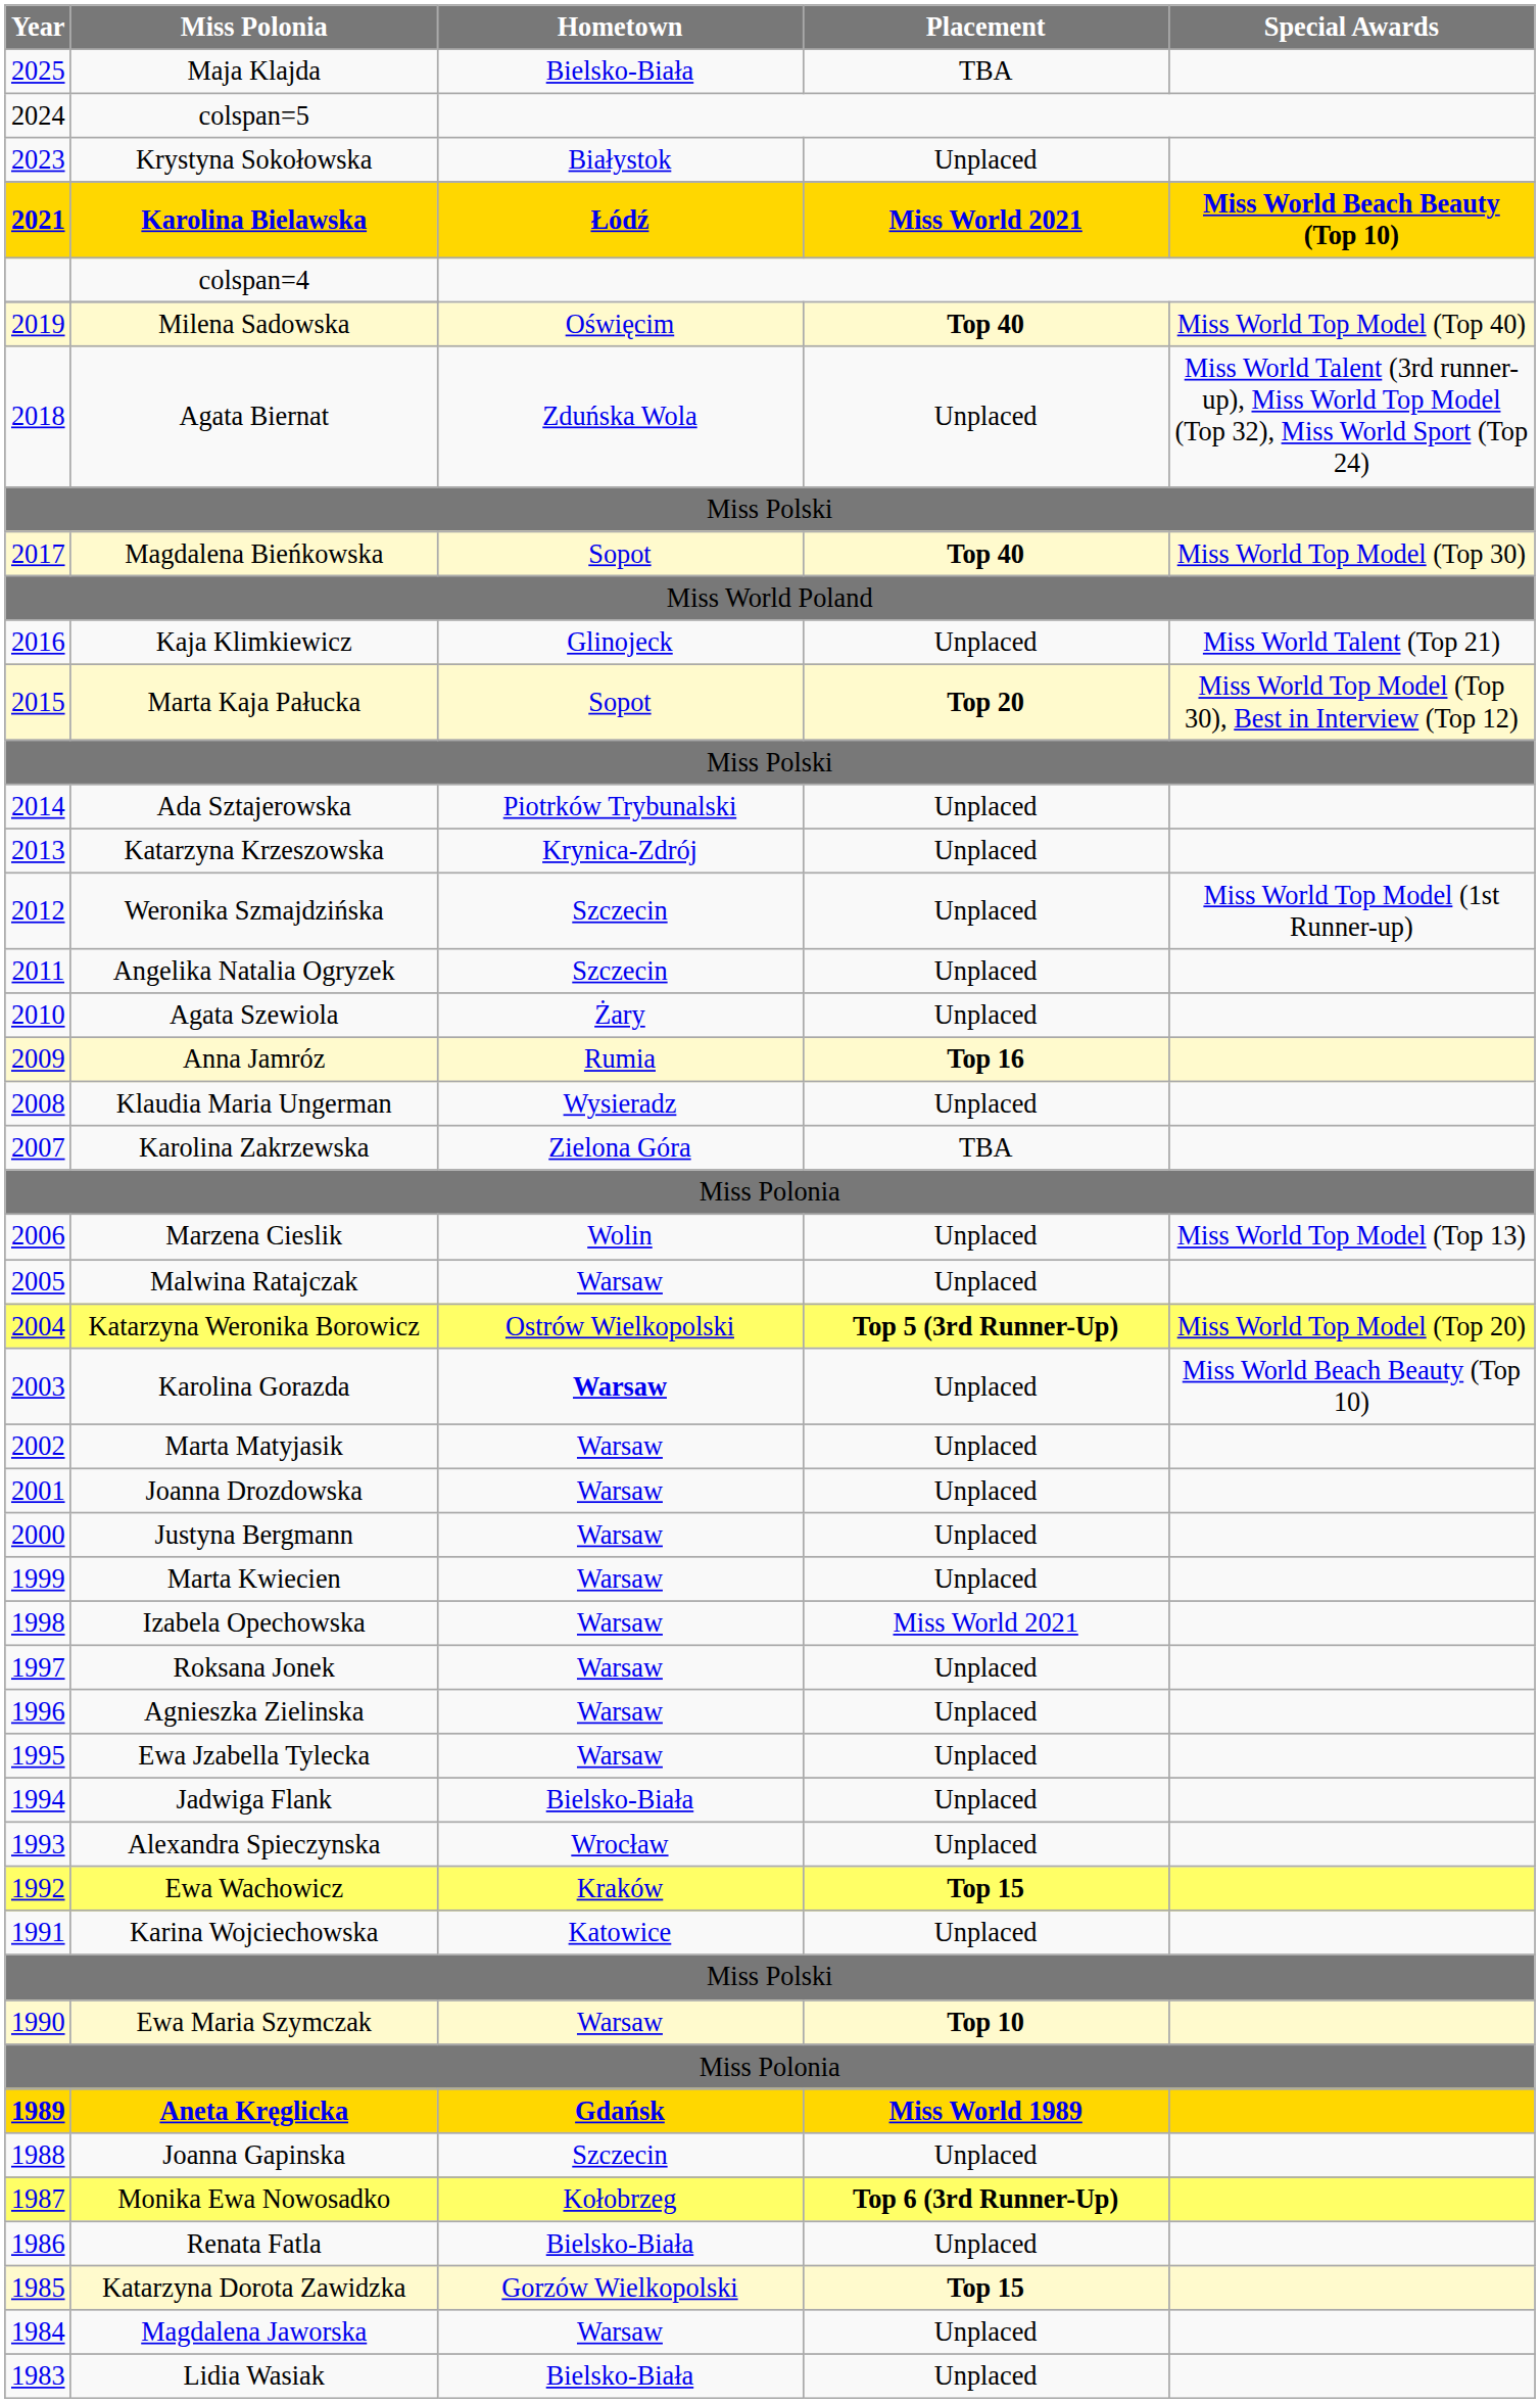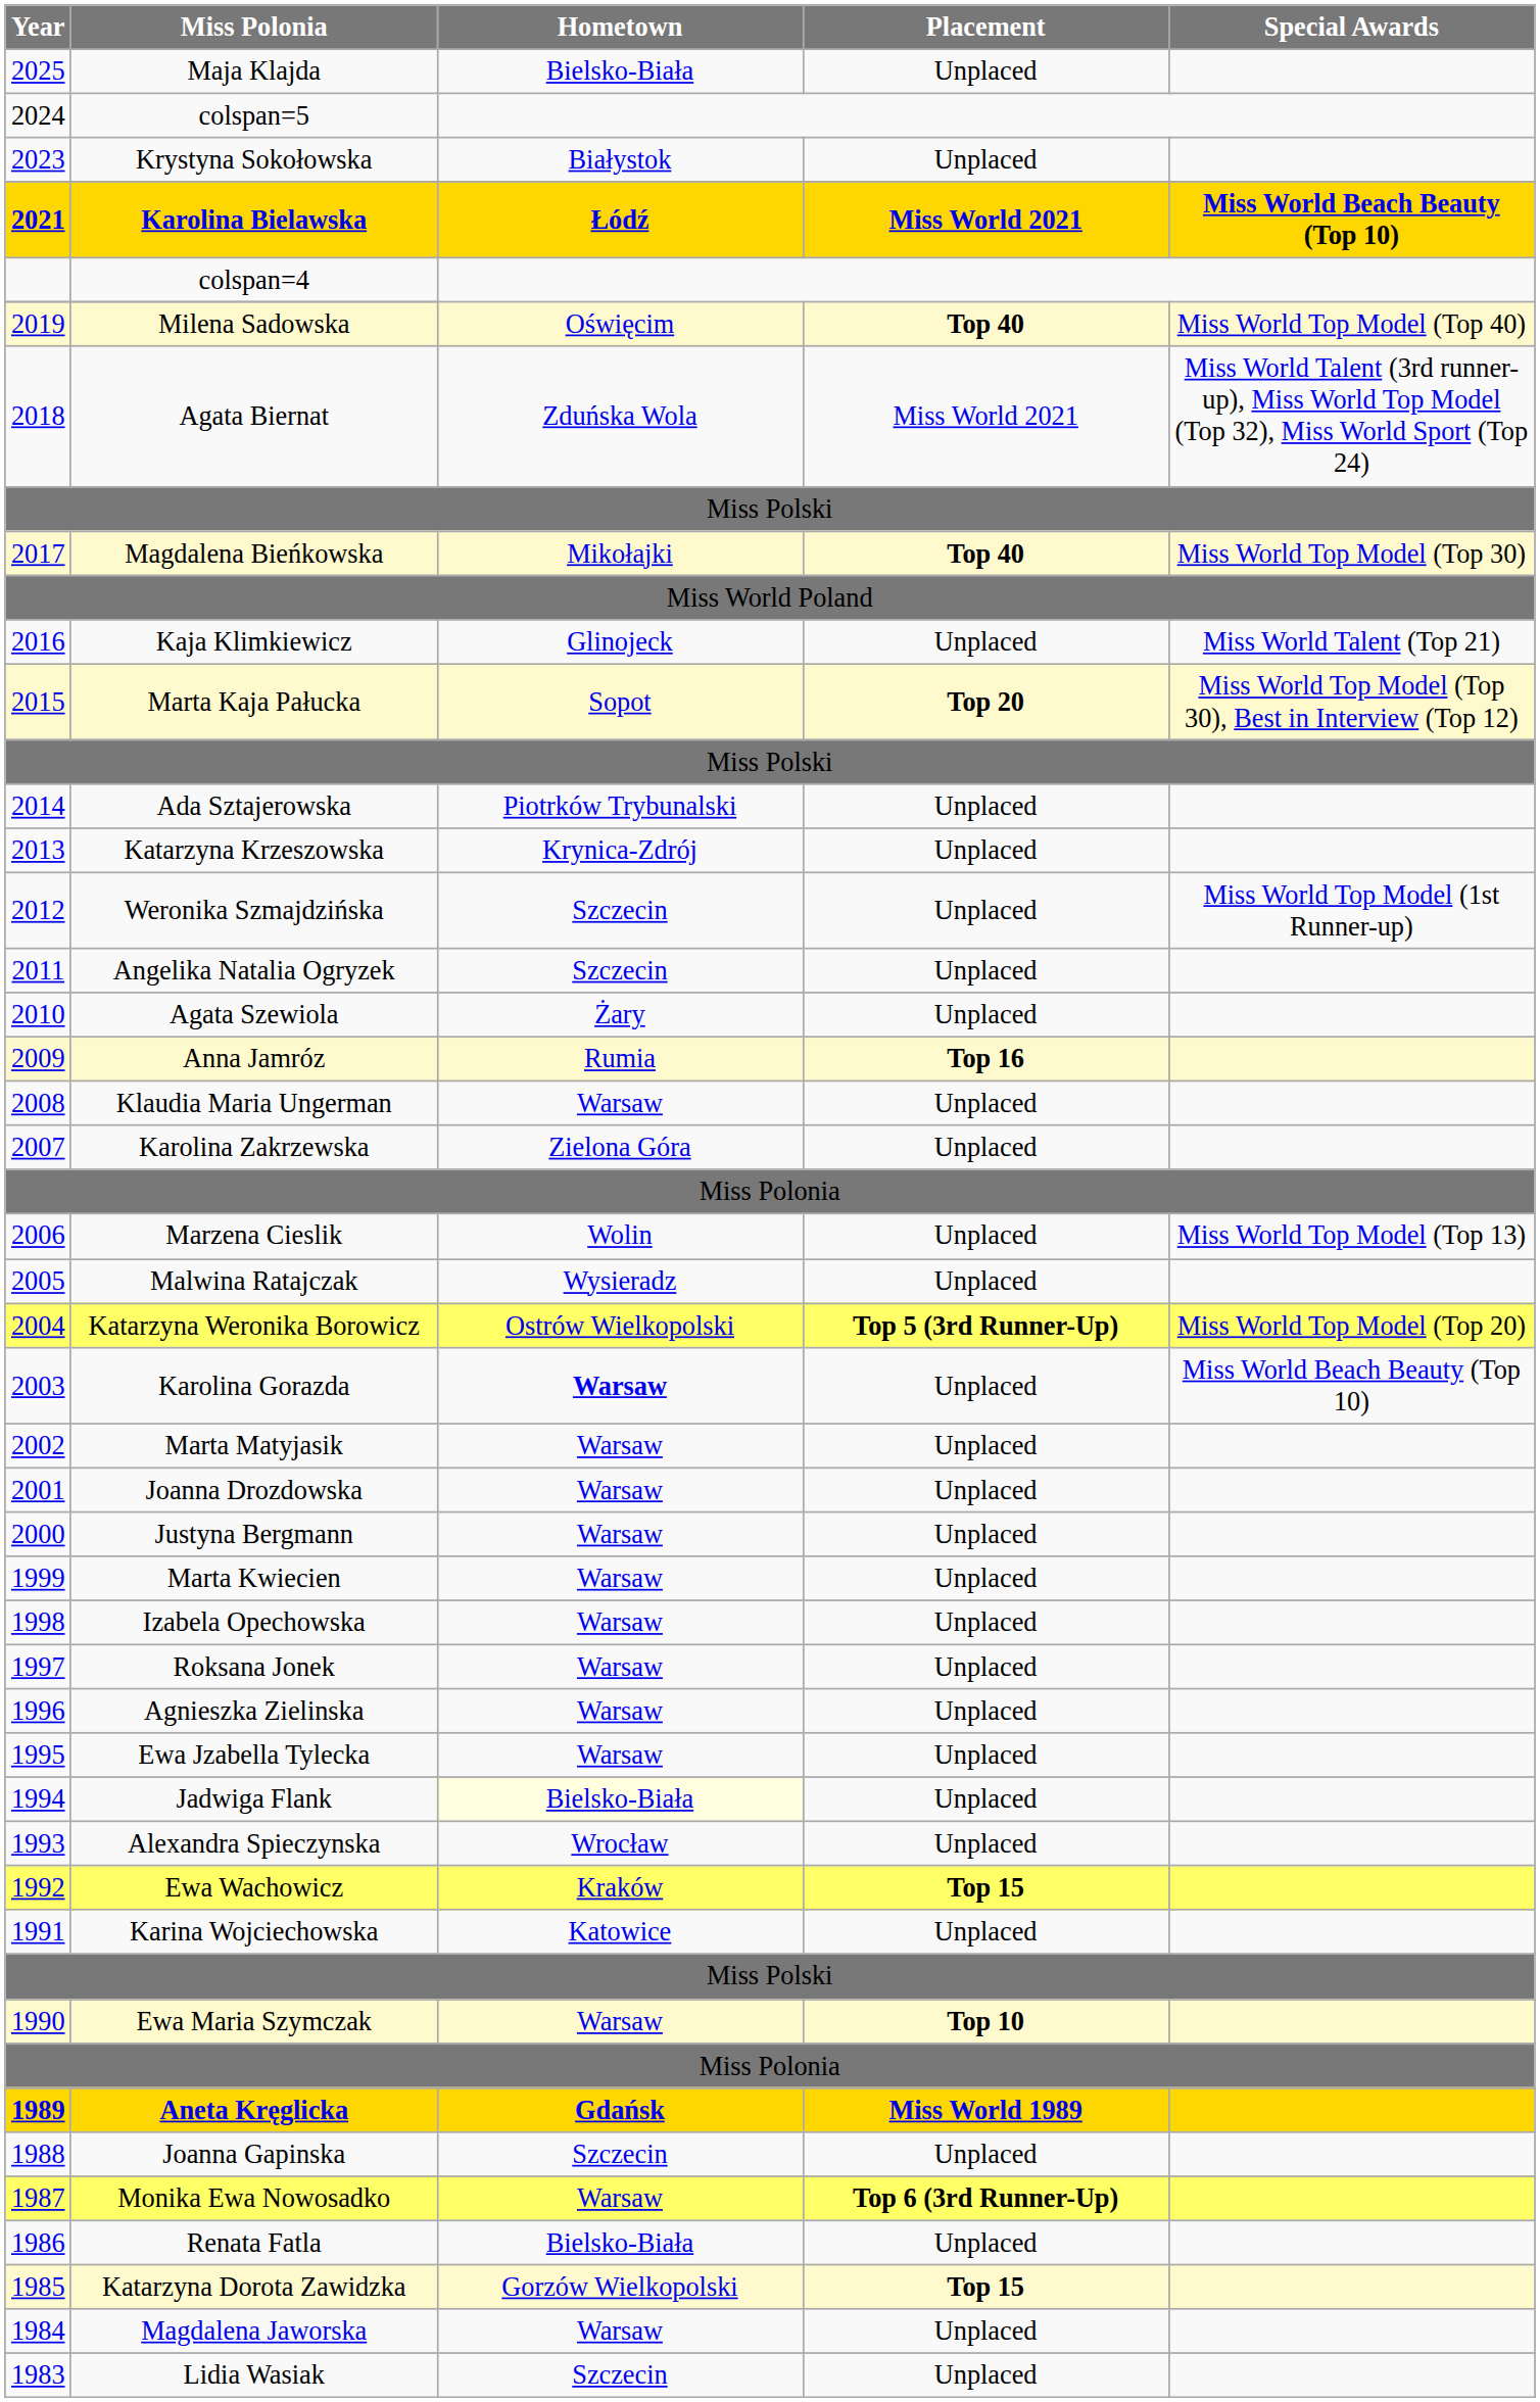 <table class="wikitable sortable" style="font-size: 95%; text-align:center">
 <tr>
 <th width="30" style="background-color:#787878;color:#FFFFFF;">Year</th>
 <th width="200" style="background-color:#787878;color:#FFFFFF;">Miss Polonia</th>
 <th width="200" style="background-color:#787878;color:#FFFFFF;">Hometown</th>
 <th width="200" style="background-color:#787878;color:#FFFFFF;">Placement</th>
 <th width="200" style="background-color:#787878;color:#FFFFFF;">Special Awards</th>
 </tr>
 <tr>
 <td><a href='#'>2025</a></td>
 <td>Maja Klajda</td>
 <td><a href='#'>Bielsko-Biała</a></td>
-<td>TBA</td>
+<td>Unplaced</td>
 <td></td>
 </tr>
 <tr>
 <td>2024</td>
 <td>colspan=5 </td>
 </tr>
 <tr>
 <td><a href='#'>2023</a></td>
 <td>Krystyna Sokołowska</td>
 <td><a href='#'>Białystok</a></td>
 <td>Unplaced</td>
 <td></td>
 </tr>
 <tr>
 </tr>
 <tr style="background-color:gold; font-weight: bold">
 <td><a href='#'>2021</a></td>
 <td><a href='#'>Karolina Bielawska</a></td>
 <td><a href='#'>Łódź</a></td>
 <td><a href='#'>Miss World 2021</a></td>
 <td><a href='#'>Miss World Beach Beauty</a> (Top 10)</td>
 </tr>
 <tr>
 <td></td>
 <td>colspan=4 </td>
 </tr>
 <tr>
 </tr>
 <tr style="background-color:#FFFACD;">
 <td><a href='#'>2019</a></td>
 <td>Milena Sadowska</td>
 <td><a href='#'>Oświęcim</a></td>
 <td><strong>Top 40</strong></td>
 <td><a href='#'>Miss World Top Model</a> (Top 40)</td>
 </tr>
 <tr>
 <td><a href='#'>2018</a></td>
 <td>Agata Biernat</td>
 <td><a href='#'>Zduńska Wola</a></td>
-<td>Unplaced</td>
+<td><a href='#'>Miss World 2021</a></td>
 <td><a href='#'>Miss World Talent</a> (3rd runner-up), <a href='#'>Miss World Top Model</a> (Top 32), <a href='#'>Miss World Sport</a> (Top 24)</td>
 </tr>
 <tr bgcolor="#787878" align="center">
 <td colspan="5"><span>Miss Polski</span></td>
 </tr>
 <tr style="background-color:#FFFACD;">
 <td><a href='#'>2017</a></td>
 <td>Magdalena Bieńkowska</td>
-<td><a href='#'>Sopot</a></td>
+<td><a href='#'>Mikołajki</a></td>
 <td><strong>Top 40</strong></td>
 <td><a href='#'>Miss World Top Model</a> (Top 30)</td>
 </tr>
 <tr bgcolor="#787878" align="center">
 <td colspan="5"><span>Miss World Poland</span></td>
 </tr>
 <tr>
 <td><a href='#'>2016</a></td>
 <td>Kaja Klimkiewicz</td>
 <td><a href='#'>Glinojeck</a></td>
 <td>Unplaced</td>
 <td><a href='#'>Miss World Talent</a> (Top 21)</td>
 </tr>
 <tr style="background-color:#FFFACD;">
 <td><a href='#'>2015</a></td>
 <td>Marta Kaja Pałucka</td>
 <td><a href='#'>Sopot</a></td>
 <td><strong>Top 20</strong></td>
 <td><a href='#'>Miss World Top Model</a> (Top 30), <a href='#'>Best in Interview</a> (Top 12)</td>
 </tr>
 <tr bgcolor="#787878" align="center">
 <td colspan="5"><span>Miss Polski</span></td>
 </tr>
 <tr>
 <td><a href='#'>2014</a></td>
 <td>Ada Sztajerowska</td>
 <td><a href='#'>Piotrków Trybunalski</a></td>
 <td>Unplaced</td>
 <td></td>
 </tr>
 <tr>
 <td><a href='#'>2013</a></td>
 <td>Katarzyna Krzeszowska</td>
 <td><a href='#'>Krynica-Zdrój</a></td>
 <td>Unplaced</td>
 <td></td>
 </tr>
 <tr>
 <td><a href='#'>2012</a></td>
 <td>Weronika Szmajdzińska</td>
 <td><a href='#'>Szczecin</a></td>
 <td>Unplaced</td>
 <td><a href='#'>Miss World Top Model</a> (1st Runner-up)</td>
 </tr>
 <tr>
 <td><a href='#'>2011</a></td>
 <td>Angelika Natalia Ogryzek</td>
 <td><a href='#'>Szczecin</a></td>
 <td>Unplaced</td>
 <td></td>
 </tr>
 <tr>
 <td><a href='#'>2010</a></td>
 <td>Agata Szewiola</td>
 <td><a href='#'>Żary</a></td>
 <td>Unplaced</td>
 <td></td>
 </tr>
 <tr style="background-color:#FFFACD;">
 <td><a href='#'>2009</a></td>
 <td>Anna Jamróz</td>
 <td><a href='#'>Rumia</a></td>
 <td><strong>Top 16</strong></td>
 <td></td>
 </tr>
 <tr>
 <td><a href='#'>2008</a></td>
 <td>Klaudia Maria Ungerman</td>
-<td><a href='#'>Wysieradz</a></td>
+<td><a href='#'>Warsaw</a></td>
 <td>Unplaced</td>
 <td></td>
 </tr>
 <tr>
 <td><a href='#'>2007</a></td>
 <td>Karolina Zakrzewska</td>
 <td><a href='#'>Zielona Góra</a></td>
-<td>TBA</td>
+<td>Unplaced</td>
 <td></td>
 </tr>
 <tr bgcolor="#787878" align="center">
 <td colspan="5"><span>Miss Polonia</span></td>
 </tr>
 <tr>
 <td><a href='#'>2006</a></td>
 <td>Marzena Cieslik</td>
 <td><a href='#'>Wolin</a></td>
 <td>Unplaced</td>
 <td><a href='#'>Miss World Top Model</a> (Top 13)</td>
 </tr>
 <tr>
 <td><a href='#'>2005</a></td>
 <td>Malwina Ratajczak</td>
-<td><a href='#'>Warsaw</a></td>
+<td><a href='#'>Wysieradz</a></td>
 <td>Unplaced</td>
 <td></td>
 </tr>
 <tr style="background-color:#FFFF66;">
 <td><a href='#'>2004</a></td>
 <td>Katarzyna Weronika Borowicz</td>
 <td><a href='#'>Ostrów Wielkopolski</a></td>
 <td><strong>Top 5 (3rd Runner-Up)</strong></td>
 <td><a href='#'>Miss World Top Model</a> (Top 20)</td>
 </tr>
 <tr>
 <td><a href='#'>2003</a></td>
 <td>Karolina Gorazda</td>
 <td><strong><a href='#'>Warsaw</a></strong></td>
 <td>Unplaced</td>
 <td><a href='#'>Miss World Beach Beauty</a> (Top 10)</td>
 </tr>
 <tr>
 <td><a href='#'>2002</a></td>
 <td>Marta Matyjasik</td>
 <td><a href='#'>Warsaw</a></td>
 <td>Unplaced</td>
 <td></td>
 </tr>
 <tr>
 <td><a href='#'>2001</a></td>
 <td>Joanna Drozdowska</td>
 <td><a href='#'>Warsaw</a></td>
 <td>Unplaced</td>
 <td></td>
 </tr>
 <tr>
 <td><a href='#'>2000</a></td>
 <td>Justyna Bergmann</td>
 <td><a href='#'>Warsaw</a></td>
 <td>Unplaced</td>
 <td></td>
 </tr>
 <tr>
 <td><a href='#'>1999</a></td>
 <td>Marta Kwiecien</td>
 <td><a href='#'>Warsaw</a></td>
 <td>Unplaced</td>
 <td></td>
 </tr>
 <tr>
 <td><a href='#'>1998</a></td>
 <td>Izabela Opechowska</td>
 <td><a href='#'>Warsaw</a></td>
-<td><a href='#'>Miss World 2021</a></td>
+<td>Unplaced</td>
 <td></td>
 </tr>
 <tr>
 <td><a href='#'>1997</a></td>
 <td>Roksana Jonek</td>
 <td><a href='#'>Warsaw</a></td>
 <td>Unplaced</td>
 <td></td>
 </tr>
 <tr>
 <td><a href='#'>1996</a></td>
 <td>Agnieszka Zielinska</td>
 <td><a href='#'>Warsaw</a></td>
 <td>Unplaced</td>
 <td></td>
 </tr>
 <tr>
 <td><a href='#'>1995</a></td>
 <td>Ewa Jzabella Tylecka</td>
 <td><a href='#'>Warsaw</a></td>
 <td>Unplaced</td>
 <td></td>
 </tr>
 <tr>
 <td><a href='#'>1994</a></td>
 <td>Jadwiga Flank</td>
-<td><a href='#'>Bielsko-Biała</a></td>
+<td style="background: lightyellow;"><a href='#'>Bielsko-Biała</a></td>
 <td>Unplaced</td>
 <td></td>
 </tr>
 <tr>
 <td><a href='#'>1993</a></td>
 <td>Alexandra Spieczynska</td>
 <td><a href='#'>Wrocław</a></td>
 <td>Unplaced</td>
 <td></td>
 </tr>
 <tr style="background-color:#FFFF66;">
 <td><a href='#'>1992</a></td>
 <td>Ewa Wachowicz</td>
 <td><a href='#'>Kraków</a></td>
 <td><strong>Top 15</strong></td>
 <td></td>
 </tr>
 <tr>
 <td><a href='#'>1991</a></td>
 <td>Karina Wojciechowska</td>
 <td><a href='#'>Katowice</a></td>
 <td>Unplaced</td>
 <td></td>
 </tr>
 <tr bgcolor="#787878" align="center">
 <td colspan="5"><span>Miss Polski</span></td>
 </tr>
 <tr style="background-color:#FFFACD;">
 <td><a href='#'>1990</a></td>
 <td>Ewa Maria Szymczak</td>
 <td><a href='#'>Warsaw</a></td>
 <td><strong>Top 10</strong></td>
 <td></td>
 </tr>
 <tr bgcolor="#787878" align="center">
 <td colspan="5"><span>Miss Polonia</span></td>
 </tr>
 <tr>
 </tr>
 <tr style="background-color:gold; font-weight: bold">
 <td><strong><a href='#'>1989</a></strong></td>
 <td><strong><a href='#'>Aneta Kręglicka</a></strong></td>
 <td><strong><a href='#'>Gdańsk</a></strong></td>
 <td><a href='#'>Miss World 1989</a></td>
 <td></td>
 </tr>
 <tr>
 <td><a href='#'>1988</a></td>
 <td>Joanna Gapinska</td>
 <td><a href='#'>Szczecin</a></td>
 <td>Unplaced</td>
 <td></td>
 </tr>
 <tr style="background-color:#FFFF66;">
 <td><a href='#'>1987</a></td>
 <td>Monika Ewa Nowosadko</td>
-<td><a href='#'>Kołobrzeg</a></td>
+<td><a href='#'>Warsaw</a></td>
 <td><strong>Top 6 (3rd Runner-Up)</strong></td>
 <td></td>
 </tr>
 <tr>
 <td><a href='#'>1986</a></td>
 <td>Renata Fatla</td>
 <td><a href='#'>Bielsko-Biała</a></td>
 <td>Unplaced</td>
 <td></td>
 </tr>
 <tr style="background-color:#FFFACD;">
 <td><a href='#'>1985</a></td>
 <td>Katarzyna Dorota Zawidzka</td>
 <td><a href='#'>Gorzów Wielkopolski</a></td>
 <td><strong>Top 15</strong></td>
 <td></td>
 </tr>
 <tr>
 <td><a href='#'>1984</a></td>
 <td><a href='#'>Magdalena Jaworska</a></td>
 <td><a href='#'>Warsaw</a></td>
 <td>Unplaced</td>
 <td></td>
 </tr>
 <tr>
 <td><a href='#'>1983</a></td>
 <td>Lidia Wasiak</td>
-<td><a href='#'>Bielsko-Biała</a></td>
+<td><a href='#'>Szczecin</a></td>
 <td>Unplaced</td>
 <td></td>
 </tr>
 </table>
